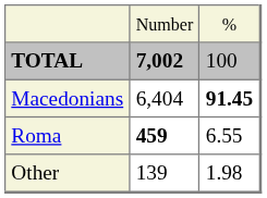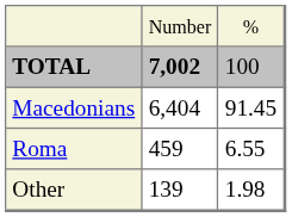 <table border=1 cellpadding=4 cellspacing=0 class="toccolours" style="align: left; margin: 0.5em 0 0 0; border-style: solid; border: 1px solid #7f7f7f; border-right-width: 2px; border-bottom-width: 2px; border-collapse: collapse; font-size: 95%;">
 <tr>
 <td style="background:#F5F5DC;"></td>
 <td style="background:#F5F5DC;" align="center"><small>Number</small></td>
 <td style="background:#F5F5DC;" align="center"><small>%</small></td>
 </tr>
 <tr>
 <td style="background:#c1c1c1;"><strong>TOTAL</strong></td>
 <td style="background:#c1c1c1;"><strong>7,002</strong></td>
 <td style="background:#c1c1c1;">100</td>
 </tr>
 <tr>
 <td style="background:#F5F5DC;"><a href='#'>Macedonians</a></td>
 <td>6,404</td>
-<td><strong>91.45</strong></td>
+<td>91.45</td>
 </tr>
 <tr>
 <td style="background:#F5F5DC;"><a href='#'>Roma</a></td>
-<td><strong>459</strong></td>
+<td>459</td>
 <td>6.55</td>
 </tr>
 <tr>
 <td style="background:#F5F5DC;">Other</td>
 <td>139</td>
 <td>1.98</td>
 </tr>
 </table>
